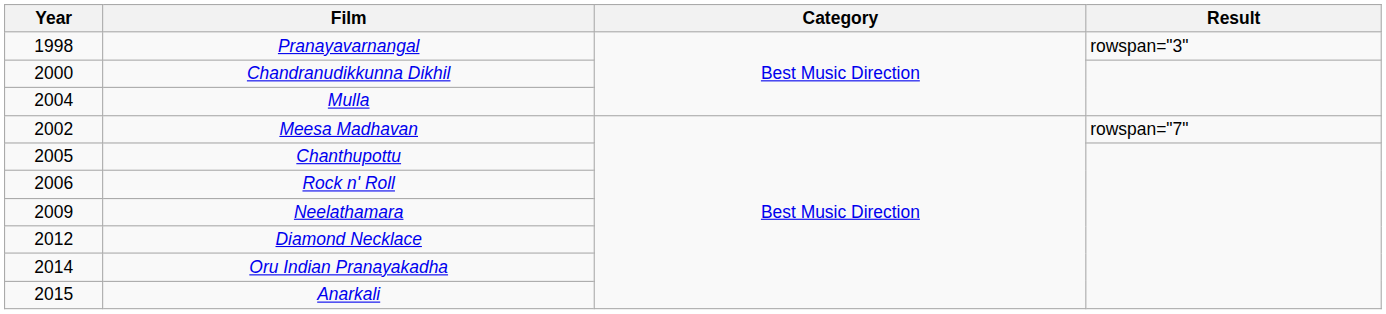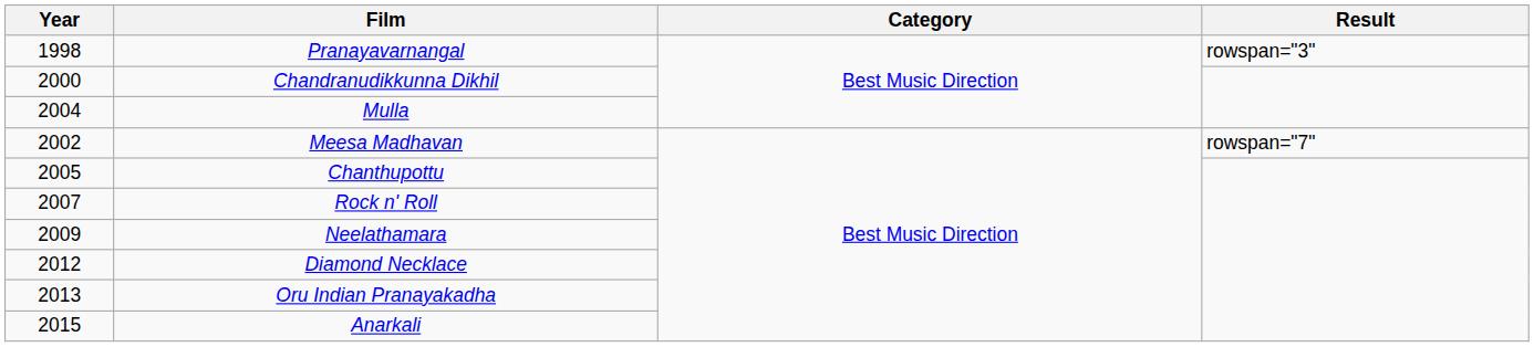 <table class="wikitable" style="width:100%;">
 <tr>
 <th width=5%>Year</th>
 <th style="width:25%;">Film</th>
 <th style="width:25%;">Category</th>
 <th style="width:15%;">Result</th>
 </tr>
 <tr>
 <td style="text-align:center;">1998</td>
 <td style="text-align:center;"><em><a href='#'>Pranayavarnangal</a></em></td>
 <td style="text-align:center;" rowspan="3"><a href='#'>Best Music Direction</a></td>
 <td>rowspan="3" </td>
 </tr>
 <tr style="text-align:center;">
 <td>2000</td>
 <td><em><a href='#'>Chandranudikkunna Dikhil</a></em></td>
 </tr>
 <tr>
 <td style="text-align:center;">2004</td>
 <td style="text-align:center;"><em><a href='#'>Mulla</a></em></td>
 </tr>
 <tr>
 <td style="text-align:center;">2002</td>
 <td style="text-align:center;"><em><a href='#'>Meesa Madhavan</a></em></td>
 <td style="text-align:center;" rowspan="7"><a href='#'>Best Music Direction</a></td>
 <td>rowspan="7" </td>
 </tr>
 <tr style="text-align:center;">
 <td>2005</td>
 <td><em><a href='#'>Chanthupottu</a></em></td>
 </tr>
 <tr>
-<td style="text-align:center;">2006</td>
+<td style="text-align:center;">2007</td>
 <td style="text-align:center;"><em><a href='#'>Rock n' Roll</a></em></td>
 </tr>
 <tr>
 <td style="text-align:center;">2009</td>
 <td style="text-align:center;"><em><a href='#'>Neelathamara</a></em></td>
 </tr>
 <tr>
 <td style="text-align:center;">2012</td>
 <td style="text-align:center;"><em><a href='#'>Diamond Necklace</a></em></td>
 </tr>
 <tr style="text-align:center;">
-<td>2014</td>
+<td>2013</td>
 <td><em><a href='#'>Oru Indian Pranayakadha</a></em></td>
 </tr>
 <tr>
 <td style="text-align:center;">2015</td>
 <td style="text-align:center;"><em><a href='#'>Anarkali</a></em></td>
 </tr>
 </table>
